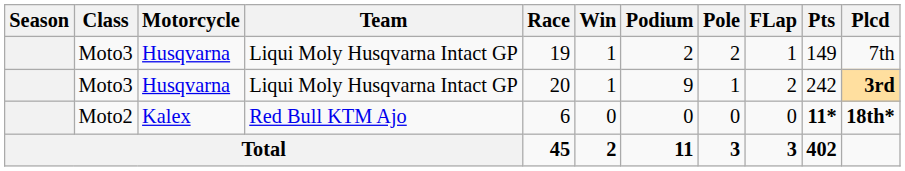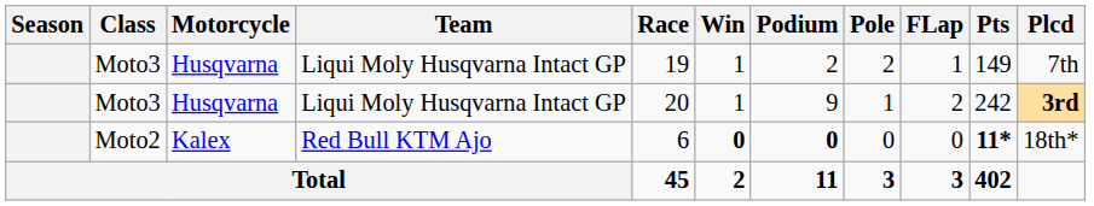 <table class="wikitable" style=text-align:right;">
 <tr>
 <th>Season</th>
 <th>Class</th>
 <th>Motorcycle</th>
 <th>Team</th>
 <th>Race</th>
 <th>Win</th>
 <th>Podium</th>
 <th>Pole</th>
 <th>FLap</th>
 <th>Pts</th>
 <th>Plcd</th>
 </tr>
 <tr>
 <th></th>
 <td>Moto3</td>
 <td style="text-align:left;"><a href='#'>Husqvarna</a></td>
 <td style="text-align:left;">Liqui Moly Husqvarna Intact GP</td>
 <td>19</td>
 <td>1</td>
 <td>2</td>
 <td>2</td>
 <td>1</td>
 <td>149</td>
 <td>7th</td>
 </tr>
 <tr>
 <th></th>
 <td>Moto3</td>
 <td style="text-align:left;"><a href='#'>Husqvarna</a></td>
 <td style="text-align:left;">Liqui Moly Husqvarna Intact GP</td>
 <td>20</td>
 <td>1</td>
 <td>9</td>
 <td>1</td>
 <td>2</td>
 <td>242</td>
 <td style="background:#FFDF9F;"><strong>3rd</strong></td>
 </tr>
 <tr>
 <th></th>
 <td>Moto2</td>
 <td style="text-align:left;"><a href='#'>Kalex</a></td>
 <td style="text-align:left;"><a href='#'>Red Bull KTM Ajo</a></td>
 <td>6</td>
-<td>0</td>
-<td>0</td>
+<td><strong>0</strong></td>
+<td><strong>0</strong></td>
 <td>0</td>
 <td>0</td>
 <td><strong>11*</strong></td>
-<td><strong>18th*</strong></td>
+<td>18th*</td>
 </tr>
 <tr>
 <th colspan="4">Total</th>
 <td><strong>45</strong></td>
 <td><strong>2</strong></td>
 <td><strong>11</strong></td>
 <td><strong>3</strong></td>
 <td><strong>3</strong></td>
 <td><strong>402</strong></td>
 <td></td>
 </tr>
 </table>
